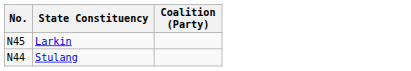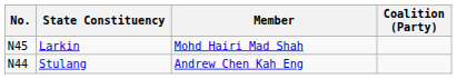 <table class="wikitable sortable">
 <tr>
 <th width="30">No.</th>
 <th width="150">State Constituency</th>
+<th width="230">Member</th>
 <th width="80">Coalition (Party)</th>
 </tr>
 <tr>
 <td>N45</td>
 <td><a href='#'>Larkin</a></td>
+<td><a href='#'>Mohd Hairi Mad Shah</a></td>
 <td></td>
 </tr>
 <tr>
 <td>N44</td>
 <td><a href='#'>Stulang</a></td>
+<td><a href='#'>Andrew Chen Kah Eng</a></td>
 <td></td>
 </tr>
 </table>
